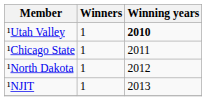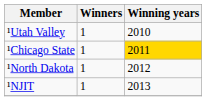 <table class="wikitable">
 <tr>
 <th>Member</th>
 <th>Winners</th>
 <th>Winning years</th>
 </tr>
 <tr>
 <td>¹<a href='#'>Utah Valley</a></td>
 <td>1</td>
-<td><strong>2010</strong></td>
+<td>2010</td>
 </tr>
 <tr>
 <td>¹<a href='#'>Chicago State</a></td>
 <td>1</td>
-<td>2011</td>
+<td style="background: gold;">2011</td>
 </tr>
 <tr>
 <td>¹<a href='#'>North Dakota</a></td>
 <td>1</td>
 <td>2012</td>
 </tr>
 <tr>
 <td>¹<a href='#'>NJIT</a></td>
 <td>1</td>
 <td>2013</td>
 </tr>
 <tr>
 </tr>
 </table>
